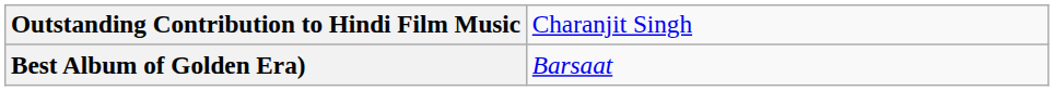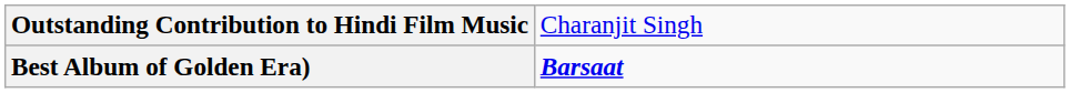 <table class="wikitable">
 <tr>
 <th style="text-align: left; width:50%;">Outstanding Contribution to Hindi Film Music</th>
 <td><a href='#'>Charanjit Singh</a></td>
 </tr>
 <tr>
 <th style="text-align: left;">Best Album of Golden Era)</th>
-<td><em><a href='#'>Barsaat</a></em></td>
+<td><strong><em><a href='#'>Barsaat</a></em></strong></td>
 </tr>
 </table>
